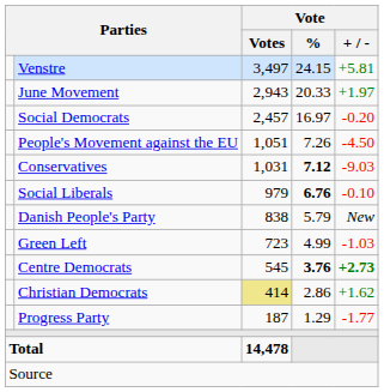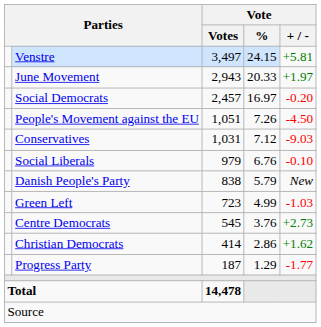 <table class="wikitable" style="text-align:right;">
 <tr>
 <th style="text-align:centre;" rowspan="2" colspan="2" width="225">Parties</th>
 <th colspan="3">Vote</th>
 </tr>
 <tr>
 <th width="15">Votes</th>
 <th width="15">%</th>
 <th width="15">+ / -</th>
 </tr>
 <tr>
 <td width="2" style="color:inherit;background:"></td>
 <td bgcolor=#cfe5fe   align="left"><a href='#'>Venstre</a></td>
 <td bgcolor=#cfe5fe>3,497</td>
 <td bgcolor=#cfe5fe>24.15</td>
 <td style=color:green;>+5.81</td>
 </tr>
 <tr>
 <td width="2" style="color:inherit;background:"></td>
 <td align="left"><a href='#'>June Movement</a></td>
 <td>2,943</td>
 <td>20.33</td>
 <td style=color:green;>+1.97</td>
 </tr>
 <tr>
 <td width="2" style="color:inherit;background:"></td>
 <td align="left"><a href='#'>Social Democrats</a></td>
 <td>2,457</td>
 <td>16.97</td>
 <td style=color:red;>-0.20</td>
 </tr>
 <tr>
 <td width="2" style="color:inherit;background:"></td>
 <td align="left"><a href='#'>People's Movement against the EU</a></td>
 <td>1,051</td>
 <td>7.26</td>
 <td style=color:red;>-4.50</td>
 </tr>
 <tr>
 <td width="2" style="color:inherit;background:"></td>
 <td align="left"><a href='#'>Conservatives</a></td>
 <td>1,031</td>
-<td><strong>7.12</strong></td>
+<td>7.12</td>
 <td style=color:red;>-9.03</td>
 </tr>
 <tr>
 <td width="2" style="color:inherit;background:"></td>
 <td align="left"><a href='#'>Social Liberals</a></td>
 <td>979</td>
-<td><strong>6.76</strong></td>
+<td>6.76</td>
 <td style=color:red;>-0.10</td>
 </tr>
 <tr>
 <td width="2" style="color:inherit;background:"></td>
 <td align="left"><a href='#'>Danish People's Party</a></td>
 <td>838</td>
 <td>5.79</td>
 <td><em>New</em></td>
 </tr>
 <tr>
 <td width="2" style="color:inherit;background:"></td>
 <td align="left"><a href='#'>Green Left</a></td>
 <td>723</td>
 <td>4.99</td>
 <td style=color:red;>-1.03</td>
 </tr>
 <tr>
 <td width="2" style="color:inherit;background:"></td>
 <td align="left"><a href='#'>Centre Democrats</a></td>
 <td>545</td>
-<td><strong>3.76</strong></td>
-<td style=color:green;><strong>+2.73</strong></td>
+<td>3.76</td>
+<td style=color:green;>+2.73</td>
 </tr>
 <tr>
 <td width="2" style="color:inherit;background:"></td>
 <td align="left"><a href='#'>Christian Democrats</a></td>
-<td style="background: khaki;">414</td>
+<td>414</td>
 <td>2.86</td>
 <td style=color:green;>+1.62</td>
 </tr>
 <tr>
 <td width="2" style="color:inherit;background:"></td>
 <td align="left"><a href='#'>Progress Party</a></td>
 <td>187</td>
 <td>1.29</td>
 <td style=color:red;>-1.77</td>
 </tr>
 <tr>
 <td colspan="7" bgcolor="#E9E9E9"></td>
 </tr>
 <tr>
 <td align="left" colspan="2"><strong>Total</strong></td>
 <td><strong>14,478</strong></td>
 <td bgcolor="#E9E9E9" colspan="2"></td>
 </tr>
 <tr>
 <td align="left" colspan="6">Source</td>
 </tr>
 </table>
